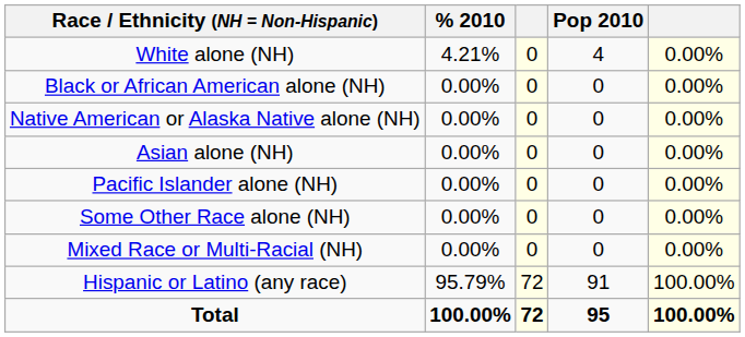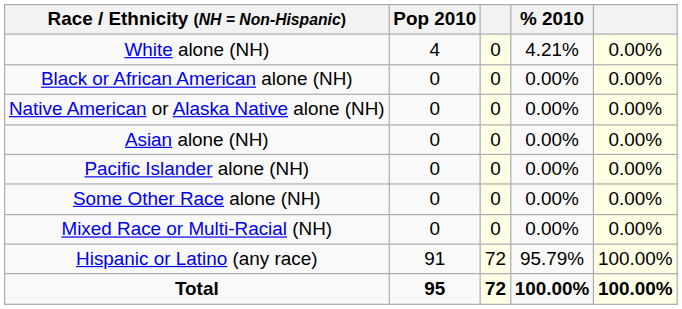 <table class="wikitable" style="text-align:center;">
 <tr>
 <th>Race / Ethnicity <small>(<em>NH = Non-Hispanic</em>)</small></th>
+<th>Pop 2010</th>
+<th></th>
 <th>% 2010</th>
-<th></th>
-<th>Pop 2010</th>
 <th></th>
 </tr>
 <tr>
 <td><a href='#'>White</a> alone (NH)</td>
+<td>4</td>
+<td style='background: #ffffe6;'>0</td>
 <td>4.21%</td>
-<td style='background: #ffffe6;'>0</td>
-<td>4</td>
 <td style='background: #ffffe6;'>0.00%</td>
 </tr>
 <tr>
 <td><a href='#'>Black or African American</a> alone (NH)</td>
+<td>0</td>
+<td style='background: #ffffe6;'>0</td>
 <td>0.00%</td>
-<td style='background: #ffffe6;'>0</td>
-<td>0</td>
 <td style='background: #ffffe6;'>0.00%</td>
 </tr>
 <tr>
 <td><a href='#'>Native American</a> or <a href='#'>Alaska Native</a> alone (NH)</td>
+<td>0</td>
+<td style='background: #ffffe6;'>0</td>
 <td>0.00%</td>
-<td style='background: #ffffe6;'>0</td>
-<td>0</td>
 <td style='background: #ffffe6;'>0.00%</td>
 </tr>
 <tr>
 <td><a href='#'>Asian</a> alone (NH)</td>
+<td>0</td>
+<td style='background: #ffffe6;'>0</td>
 <td>0.00%</td>
-<td style='background: #ffffe6;'>0</td>
-<td>0</td>
 <td style='background: #ffffe6;'>0.00%</td>
 </tr>
 <tr>
 <td><a href='#'>Pacific Islander</a> alone (NH)</td>
+<td>0</td>
+<td style='background: #ffffe6;'>0</td>
 <td>0.00%</td>
-<td style='background: #ffffe6;'>0</td>
-<td>0</td>
 <td style='background: #ffffe6;'>0.00%</td>
 </tr>
 <tr>
 <td><a href='#'>Some Other Race</a> alone (NH)</td>
+<td>0</td>
+<td style='background: #ffffe6;'>0</td>
 <td>0.00%</td>
-<td style='background: #ffffe6;'>0</td>
-<td>0</td>
 <td style='background: #ffffe6;'>0.00%</td>
 </tr>
 <tr>
 <td><a href='#'>Mixed Race or Multi-Racial</a> (NH)</td>
+<td>0</td>
+<td style='background: #ffffe6;'>0</td>
 <td>0.00%</td>
-<td style='background: #ffffe6;'>0</td>
-<td>0</td>
 <td style='background: #ffffe6;'>0.00%</td>
 </tr>
 <tr>
 <td><a href='#'>Hispanic or Latino</a> (any race)</td>
+<td>91</td>
+<td style='background: #ffffe6;'>72</td>
 <td>95.79%</td>
-<td style='background: #ffffe6;'>72</td>
-<td>91</td>
 <td style='background: #ffffe6;'>100.00%</td>
 </tr>
 <tr>
 <td><strong>Total</strong></td>
+<td><strong>95</strong></td>
+<td style='background: #ffffe6;'><strong>72</strong></td>
 <td><strong>100.00%</strong></td>
-<td style='background: #ffffe6;'><strong>72</strong></td>
-<td><strong>95</strong></td>
 <td style='background: #ffffe6;'><strong>100.00%</strong></td>
 </tr>
 </table>
